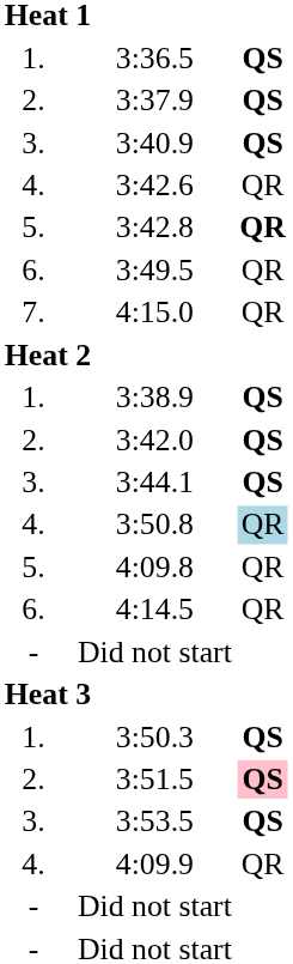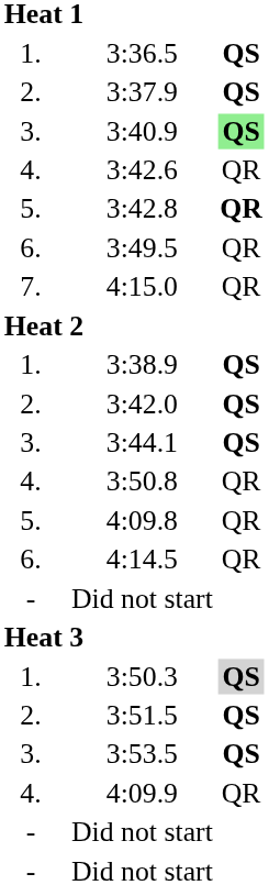 <table style="text-align:center">
 <tr>
 <td colspan=4 align=left><strong>Heat 1</strong></td>
 </tr>
 <tr>
 <td width=30>1.</td>
 <td align=left></td>
 <td width=80>3:36.5</td>
 <td><strong>QS</strong></td>
 </tr>
 <tr>
 <td>2.</td>
 <td align=left></td>
 <td>3:37.9</td>
 <td><strong>QS</strong></td>
 </tr>
 <tr>
 <td>3.</td>
 <td align=left></td>
 <td>3:40.9</td>
-<td><strong>QS</strong></td>
+<td style="background: lightgreen;"><strong>QS</strong></td>
 </tr>
 <tr>
 <td>4.</td>
 <td align=left></td>
 <td>3:42.6</td>
 <td>QR</td>
 </tr>
 <tr>
 <td>5.</td>
 <td align=left></td>
 <td>3:42.8</td>
 <td><strong>QR</strong></td>
 </tr>
 <tr>
 <td>6.</td>
 <td align=left></td>
 <td>3:49.5</td>
 <td>QR</td>
 </tr>
 <tr>
 <td>7.</td>
 <td align=left></td>
 <td>4:15.0</td>
 <td>QR</td>
 </tr>
 <tr>
 <td colspan=4 align=left><strong>Heat 2</strong></td>
 </tr>
 <tr>
 <td>1.</td>
 <td align=left></td>
 <td>3:38.9</td>
 <td><strong>QS</strong></td>
 </tr>
 <tr>
 <td>2.</td>
 <td align=left></td>
 <td>3:42.0</td>
 <td><strong>QS</strong></td>
 </tr>
 <tr>
 <td>3.</td>
 <td align=left></td>
 <td>3:44.1</td>
 <td><strong>QS</strong></td>
 </tr>
 <tr>
 <td>4.</td>
 <td align=left></td>
 <td>3:50.8</td>
-<td style="background: lightblue;">QR</td>
+<td>QR</td>
 </tr>
 <tr>
 <td>5.</td>
 <td align=left></td>
 <td>4:09.8</td>
 <td>QR</td>
 </tr>
 <tr>
 <td>6.</td>
 <td align=left></td>
 <td>4:14.5</td>
 <td>QR</td>
 </tr>
 <tr>
 <td>-</td>
 <td align=left></td>
 <td>Did not start</td>
 <td></td>
 </tr>
 <tr>
 <td colspan=4 align=left><strong>Heat 3</strong></td>
 </tr>
 <tr>
 <td>1.</td>
 <td align=left></td>
 <td>3:50.3</td>
-<td><strong>QS</strong></td>
+<td style="background: lightgrey;"><strong>QS</strong></td>
 </tr>
 <tr>
 <td>2.</td>
 <td align=left></td>
 <td>3:51.5</td>
-<td style="background: pink;"><strong>QS</strong></td>
+<td><strong>QS</strong></td>
 </tr>
 <tr>
 <td>3.</td>
 <td align=left></td>
 <td>3:53.5</td>
 <td><strong>QS</strong></td>
 </tr>
 <tr>
 <td>4.</td>
 <td align=left></td>
 <td>4:09.9</td>
 <td>QR</td>
 </tr>
 <tr>
 <td>-</td>
 <td align=left></td>
 <td>Did not start</td>
 <td></td>
 </tr>
 <tr>
 <td>-</td>
 <td align=left></td>
 <td>Did not start</td>
 <td></td>
 </tr>
 </table>
